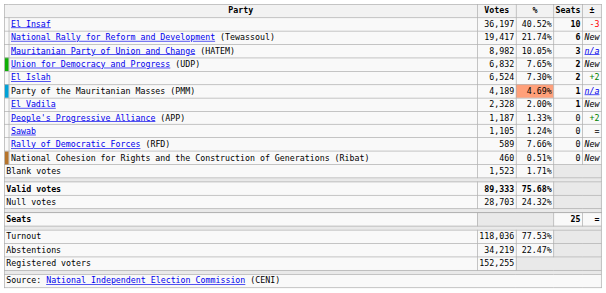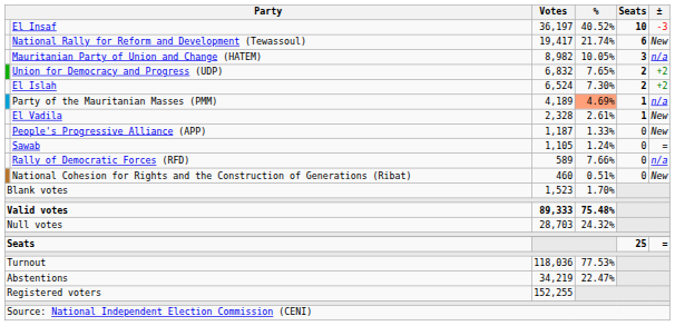 <table class="wikitable" style="text-align:right;font-size:95%;">
 <tr>
 <th width="700" colspan="2">Party</th>
 <th width="50">Votes</th>
 <th width="50">%</th>
 <th width="25">Seats</th>
 <th width="20">±</th>
 </tr>
 <tr>
 <td width="1" style="color:inherit;background:"></td>
 <td style="text-align:left;"><a href='#'>El Insaf</a></td>
 <td>36,197</td>
 <td>40.52%</td>
 <td><strong>10</strong></td>
 <td style="color:red;">-3</td>
 </tr>
 <tr>
 <td width="1" style="color:inherit;background:"></td>
 <td style="text-align:left;"><a href='#'>National Rally for Reform and Development</a> (Tewassoul)</td>
 <td>19,417</td>
 <td>21.74%</td>
 <td><strong>6</strong></td>
 <td><em>New</em></td>
 </tr>
 <tr>
 <td width="1" style="color:inherit;background:"></td>
 <td style="text-align:left;"><a href='#'>Mauritanian Party of Union and Change</a> (HATEM)</td>
 <td>8,982</td>
 <td>10.05%</td>
 <td><strong>3</strong></td>
 <td><em><a href='#'>n/a</a></em></td>
 </tr>
 <tr>
 <td width="1" style="color:inherit;background:#0FAF05;"></td>
 <td style="text-align:left;"><a href='#'>Union for Democracy and Progress</a> (UDP)</td>
 <td>6,832</td>
 <td>7.65%</td>
 <td><strong>2</strong></td>
-<td><em>New</em></td>
+<td style="color:green;">+2</td>
 </tr>
 <tr>
 <td width="1" style="color:inherit;background:"></td>
 <td style="text-align:left;"><a href='#'>El Islah</a></td>
 <td>6,524</td>
 <td>7.30%</td>
 <td><strong>2</strong></td>
 <td style="color:green;">+2</td>
 </tr>
 <tr>
 <td width="1" style="color:inherit;background:#00A1D7;"></td>
 <td style="text-align:left;">Party of the Mauritanian Masses (PMM)</td>
 <td>4,189</td>
 <td style="background: lightsalmon;">4.69%</td>
 <td><strong>1</strong></td>
 <td><em><a href='#'>n/a</a></em></td>
 </tr>
 <tr>
 <td width="1" style="color:inherit;background:"></td>
 <td style="text-align:left;"><a href='#'>El Vadila</a></td>
 <td>2,328</td>
-<td>2.00%</td>
+<td>2.61%</td>
 <td><strong>1</strong></td>
 <td><em>New</em></td>
 </tr>
 <tr>
 <td width="1" style="color:inherit;background:"></td>
 <td style="text-align:left;"><a href='#'>People's Progressive Alliance</a> (APP)</td>
 <td>1,187</td>
 <td>1.33%</td>
 <td>0</td>
-<td style="color:green;">+2</td>
+<td><em>New</em></td>
 </tr>
 <tr>
 <td width="1" style="color:inherit;background:"></td>
 <td style="text-align:left;"><a href='#'>Sawab</a></td>
 <td>1,105</td>
 <td>1.24%</td>
 <td>0</td>
 <td>=</td>
 </tr>
 <tr>
 <td width="1" style="color:inherit;background:"></td>
 <td style="text-align:left;"><a href='#'>Rally of Democratic Forces</a> (RFD)</td>
 <td>589</td>
 <td>7.66%</td>
 <td>0</td>
-<td><em>New</em></td>
+<td><em><a href='#'>n/a</a></em></td>
 </tr>
 <tr>
 <td width="1" style="color:inherit;background:#B7752C;"></td>
 <td style="text-align:left;">National Cohesion for Rights and the Construction of Generations (Ribat)</td>
 <td>460</td>
 <td>0.51%</td>
 <td>0</td>
 <td><em>New</em></td>
 </tr>
 <tr>
 <td colspan="2" style="text-align:left;">Blank votes</td>
 <td>1,523</td>
-<td>1.71%</td>
+<td>1.70%</td>
 <td colspan="2" style="background:#E9E9E9;"></td>
 </tr>
 <tr>
 <td colspan="6" style="background:#E9E9E9;"></td>
 </tr>
 <tr style="font-weight:bold;">
 <td colspan="2" style="text-align:left;">Valid votes</td>
 <td>89,333</td>
-<td>75.68%</td>
+<td>75.48%</td>
 <td colspan="2" style="background:#E9E9E9;"></td>
 </tr>
 <tr>
 <td colspan="2" style="text-align:left;">Null votes</td>
 <td>28,703</td>
 <td>24.32%</td>
 <td colspan="2" style="background:#E9E9E9;"></td>
 </tr>
 <tr>
 <td colspan="6" style="background:#E9E9E9;"></td>
 </tr>
 <tr>
 </tr>
 <tr style="font-weight:bold;">
 <td colspan="2" style="text-align:left;">Seats</td>
 <td colspan="2" style="background:#E9E9E9;"></td>
 <td>25</td>
 <td>=</td>
 </tr>
 <tr>
 <td colspan="6" style="background:#E9E9E9;"></td>
 </tr>
 <tr>
 <td colspan="2" style="text-align:left;">Turnout</td>
 <td>118,036</td>
 <td>77.53%</td>
 <td colspan="2" style="background:#E9E9E9;"></td>
 </tr>
 <tr>
 <td colspan="2" style="text-align:left;">Abstentions</td>
 <td>34,219</td>
 <td>22.47%</td>
 <td colspan="2" style="background:#E9E9E9;"></td>
 </tr>
 <tr>
 <td colspan="2" style="text-align:left;">Registered voters</td>
 <td>152,255</td>
 <td colspan="3" style="background:#E9E9E9;"></td>
 </tr>
 <tr>
 <td colspan="6" style="background:#E9E9E9;"></td>
 </tr>
 <tr>
 <td colspan="6" style="text-align:left;">Source: <a href='#'>National Independent Election Commission</a> (CENI)</td>
 </tr>
 </table>
